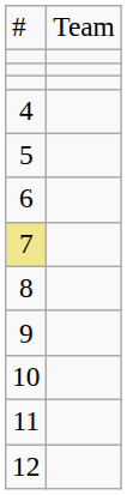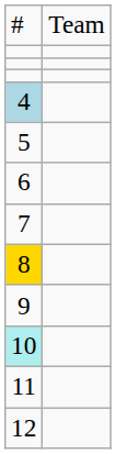 <table class="wikitable">
 <tr>
 <td>#</td>
 <td>Team</td>
 </tr>
 <tr>
 <td align=center></td>
 <td></td>
 </tr>
 <tr>
 <td align=center></td>
 <td></td>
 </tr>
 <tr>
 <td align=center></td>
 <td></td>
 </tr>
 <tr>
-<td align=center>4</td>
+<td align=center style="background: lightblue;">4</td>
 <td></td>
 </tr>
 <tr>
 <td align=center>5</td>
 <td></td>
 </tr>
 <tr>
 <td align=center>6</td>
 <td></td>
 </tr>
 <tr>
-<td align=center style="background: khaki;">7</td>
+<td align=center>7</td>
 <td></td>
 </tr>
 <tr>
-<td align=center>8</td>
+<td align=center style="background: gold;">8</td>
 <td></td>
 </tr>
 <tr>
 <td align=center>9</td>
 <td></td>
 </tr>
 <tr>
-<td align=center>10</td>
+<td align=center style="background: paleturquoise;">10</td>
 <td></td>
 </tr>
 <tr>
 <td align=center>11</td>
 <td></td>
 </tr>
 <tr>
 <td align=center>12</td>
 <td></td>
 </tr>
 </table>
